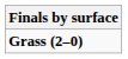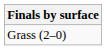 <table class=wikitable style=font-size:97%>
 <tr>
 <th>Finals by surface</th>
 </tr>
 <tr>
-<td><strong>Grass (2–0)</strong></td>
+<td>Grass (2–0)</td>
 </tr>
 </table>
